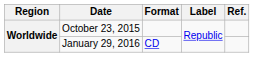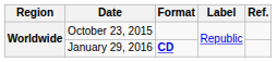 <table class="wikitable plainrowheaders">
 <tr>
 <th scope="col">Region</th>
 <th scope="col">Date</th>
 <th scope="col">Format</th>
 <th scope="col">Label</th>
 <th scope="col">Ref.</th>
 </tr>
 <tr>
 <th scope="row" rowspan="2">Worldwide</th>
 <td>October 23, 2015</td>
 <td></td>
 <td rowspan="2"><a href='#'>Republic</a></td>
 <td style="text-align:center;"></td>
 </tr>
 <tr>
 <td>January 29, 2016</td>
-<td><a href='#'>CD</a></td>
+<td><strong><a href='#'>CD</a></strong></td>
 <td style="text-align:center;"></td>
 </tr>
 </table>
